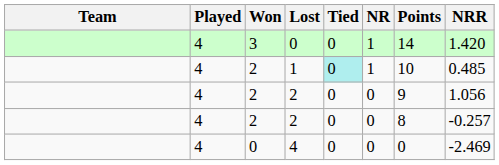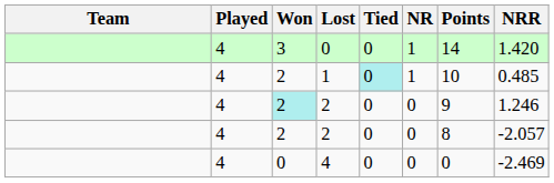 <table class="wikitable">
 <tr>
 <th width=175>Team</th>
 <th>Played</th>
 <th>Won</th>
 <th>Lost</th>
 <th>Tied</th>
 <th>NR</th>
 <th>Points</th>
 <th>NRR</th>
 </tr>
 <tr style="background:#ccffcc">
 <td></td>
 <td>4</td>
 <td>3</td>
 <td>0</td>
 <td>0</td>
 <td>1</td>
 <td>14</td>
 <td>1.420</td>
 </tr>
 <tr>
 <td></td>
 <td>4</td>
 <td>2</td>
 <td>1</td>
 <td style="background: paleturquoise;">0</td>
 <td>1</td>
 <td>10</td>
 <td>0.485</td>
 </tr>
 <tr>
 <td></td>
 <td>4</td>
-<td>2</td>
+<td style="background: paleturquoise;">2</td>
 <td>2</td>
 <td>0</td>
 <td>0</td>
 <td>9</td>
-<td>1.056</td>
+<td>1.246</td>
 </tr>
 <tr>
 <td></td>
 <td>4</td>
 <td>2</td>
 <td>2</td>
 <td>0</td>
 <td>0</td>
 <td>8</td>
-<td>-0.257</td>
+<td>-2.057</td>
 </tr>
 <tr>
 <td></td>
 <td>4</td>
 <td>0</td>
 <td>4</td>
 <td>0</td>
 <td>0</td>
 <td>0</td>
 <td>-2.469</td>
 </tr>
 </table>
